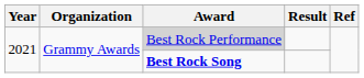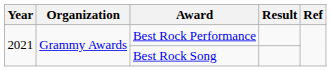 <table class="wikitable">
 <tr>
 <th>Year</th>
 <th>Organization</th>
 <th>Award</th>
 <th>Result</th>
 <th>Ref</th>
 </tr>
 <tr>
 <td rowspan="2">2021</td>
 <td rowspan="2"><a href='#'>Grammy Awards</a></td>
-<td style="background: lightgrey;"><a href='#'>Best Rock Performance</a></td>
+<td><a href='#'>Best Rock Performance</a></td>
 <td></td>
 <td rowspan="2" style="text-align:center;"></td>
 </tr>
 <tr>
-<td><strong><a href='#'>Best Rock Song</a></strong></td>
+<td><a href='#'>Best Rock Song</a></td>
 <td></td>
 </tr>
 </table>
